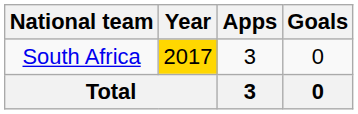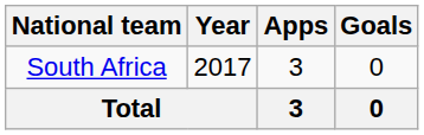 <table class="wikitable" style="text-align:center">
 <tr>
 <th>National team</th>
 <th>Year</th>
 <th>Apps</th>
 <th>Goals</th>
 </tr>
 <tr>
 <td rowspan="1"><a href='#'>South Africa</a></td>
-<td style="background: gold;">2017</td>
+<td>2017</td>
 <td>3</td>
 <td>0</td>
 </tr>
 <tr>
 <th colspan=2>Total</th>
 <th>3</th>
 <th>0</th>
 </tr>
 </table>
